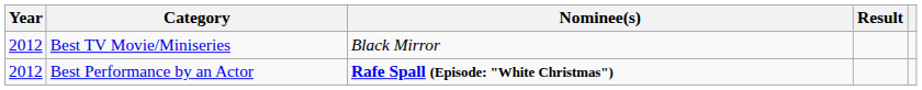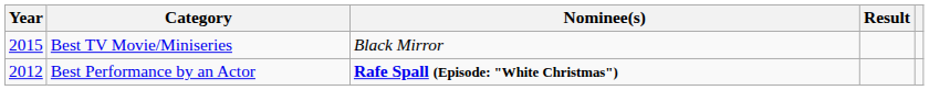 <table class="wikitable sortable" style="width:98%; summary:Black Mirror won one of two awards.">
 <tr>
 <th scope="col" style="width:3%;">Year</th>
 <th scope="col" style="width:33%;">Category</th>
 <th>Nominee(s)</th>
 <th scope="col" style="width:6%;">Result</th>
 <th scope="col" class="unsortable" style="width:1%;"></th>
 </tr>
 <tr>
-<td style="text-align: center;"><a href='#'>2012</a></td>
+<td style="text-align: center;"><a href='#'>2015</a></td>
 <td><a href='#'>Best TV Movie/Miniseries</a></td>
 <td><em>Black Mirror</em></td>
 <td></td>
 <td align="center"></td>
 </tr>
 <tr>
 <td style="text-align: center;"><a href='#'>2012</a></td>
 <td><a href='#'>Best Performance by an Actor</a></td>
 <td><strong><a href='#'>Rafe Spall</a> <small>(Episode: "White Christmas")</small></strong></td>
 <td></td>
 <td align="center"></td>
 </tr>
 </table>
